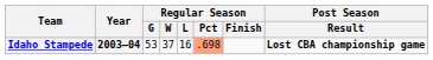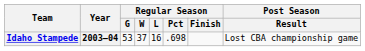 <table class="wikitable" style="font-size: 95%; text-align:center;">
 <tr>
 <th rowspan="2">Team</th>
 <th rowspan="2">Year</th>
 <th colspan="5">Regular Season</th>
 <th colspan="1">Post Season</th>
 </tr>
 <tr>
 <th>G</th>
 <th>W</th>
 <th>L</th>
 <th>Pct</th>
 <th>Finish</th>
 <th>Result</th>
 </tr>
 <tr>
 <th><a href='#'>Idaho Stampede</a></th>
 <th>2003–04</th>
 <td>53</td>
 <td>37</td>
 <td>16</td>
-<td style="background: lightsalmon;">.698</td>
+<td>.698</td>
 <td></td>
-<td><strong>Lost CBA championship game</strong></td>
+<td>Lost CBA championship game</td>
 </tr>
 </table>
